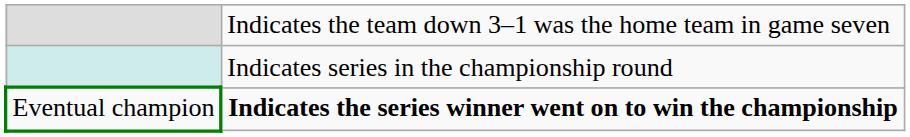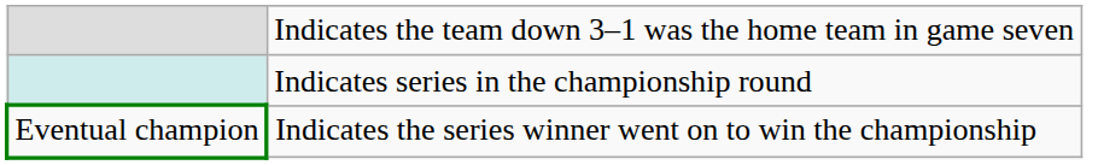 <table class="wikitable">
 <tr>
 <td style="background-color:#dddddd"></td>
 <td>Indicates the team down 3–1 was the home team in game seven</td>
 </tr>
 <tr>
 <td style="background-color:#cfecec"></td>
 <td>Indicates series in the championship round</td>
 </tr>
 <tr>
 <td style="border-bottom:2px solid green; border-top:2px solid green; border-left:2px solid green; border-right:2px solid green">Eventual champion</td>
-<td><strong>Indicates the series winner went on to win the championship</strong></td>
+<td>Indicates the series winner went on to win the championship</td>
 </tr>
 </table>
